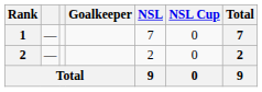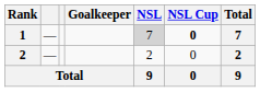 <table class="wikitable sortable" style="text-align:center">
 <tr>
 <th>Rank</th>
 <th></th>
 <th></th>
 <th>Goalkeeper</th>
 <th><a href='#'>NSL</a></th>
 <th><a href='#'>NSL Cup</a></th>
 <th>Total</th>
 </tr>
 <tr>
 <th>1</th>
 <td>—</td>
 <td></td>
 <td align="left"></td>
-<td>7</td>
-<td>0</td>
+<td style="background: lightgrey;">7</td>
+<td><strong>0</strong></td>
 <th>7</th>
 </tr>
 <tr>
 <th>2</th>
 <td>—</td>
 <td></td>
 <td align="left"></td>
 <td>2</td>
 <td>0</td>
 <th>2</th>
 </tr>
 <tr>
 <th colspan="4">Total</th>
 <th>9</th>
 <th>0</th>
 <th>9</th>
 </tr>
 </table>
